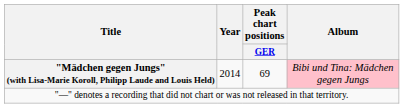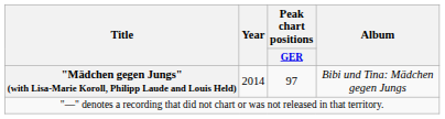 <table class="wikitable plainrowheaders" style="text-align:center;">
 <tr>
 <th scope="col" rowspan="2" style="width:20em;">Title</th>
 <th scope="col" rowspan="2">Year</th>
 <th scope="col">Peak chart positions</th>
 <th scope="col" rowspan="2">Album</th>
 </tr>
 <tr>
 <th scope="col" style="width:3em;font-size:90%;"><a href='#'>GER</a><br></th>
 </tr>
 <tr>
 <th scope="row">"Mädchen gegen Jungs" <br><small>(with Lisa-Marie Koroll, Philipp Laude and Louis Held)</small></th>
 <td>2014</td>
-<td>69</td>
-<td style="background: pink;"><em>Bibi und Tina: Mädchen gegen Jungs</em></td>
+<td>97</td>
+<td><em>Bibi und Tina: Mädchen gegen Jungs</em></td>
 </tr>
 <tr>
 <td colspan="7" style="font-size:90%">"—" denotes a recording that did not chart or was not released in that territory.</td>
 </tr>
 </table>
